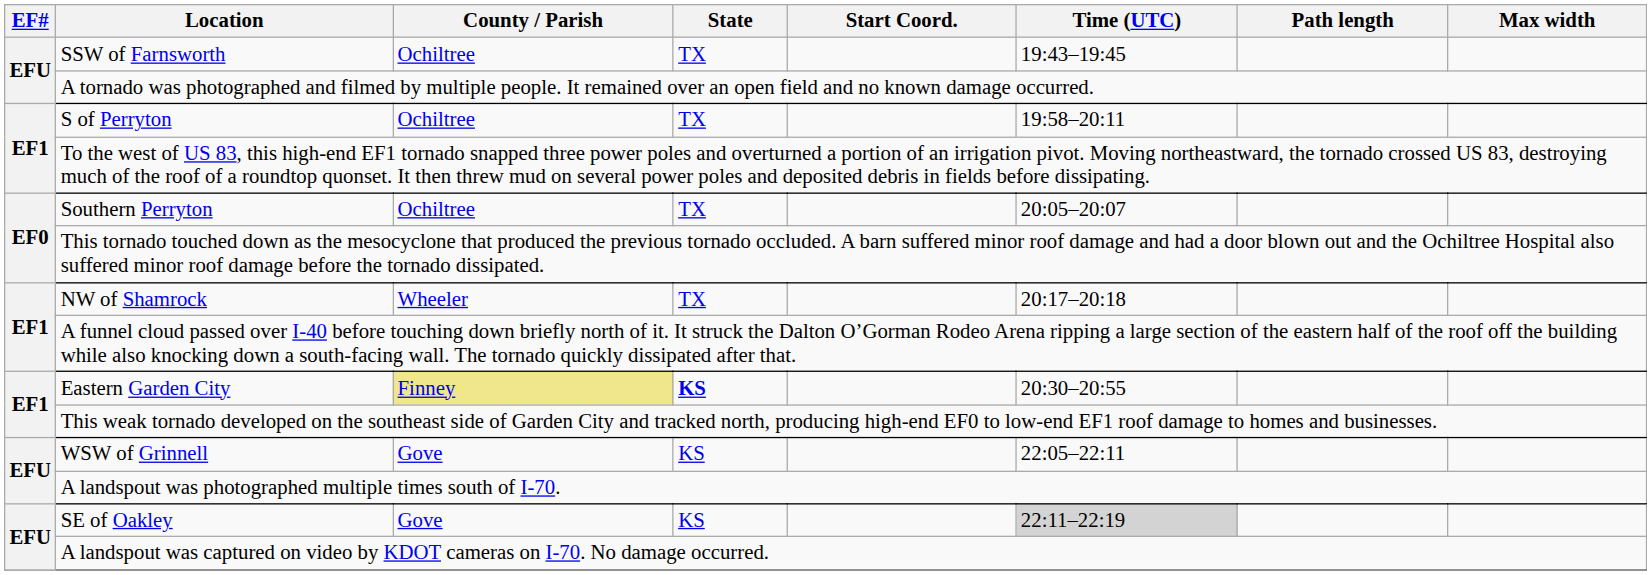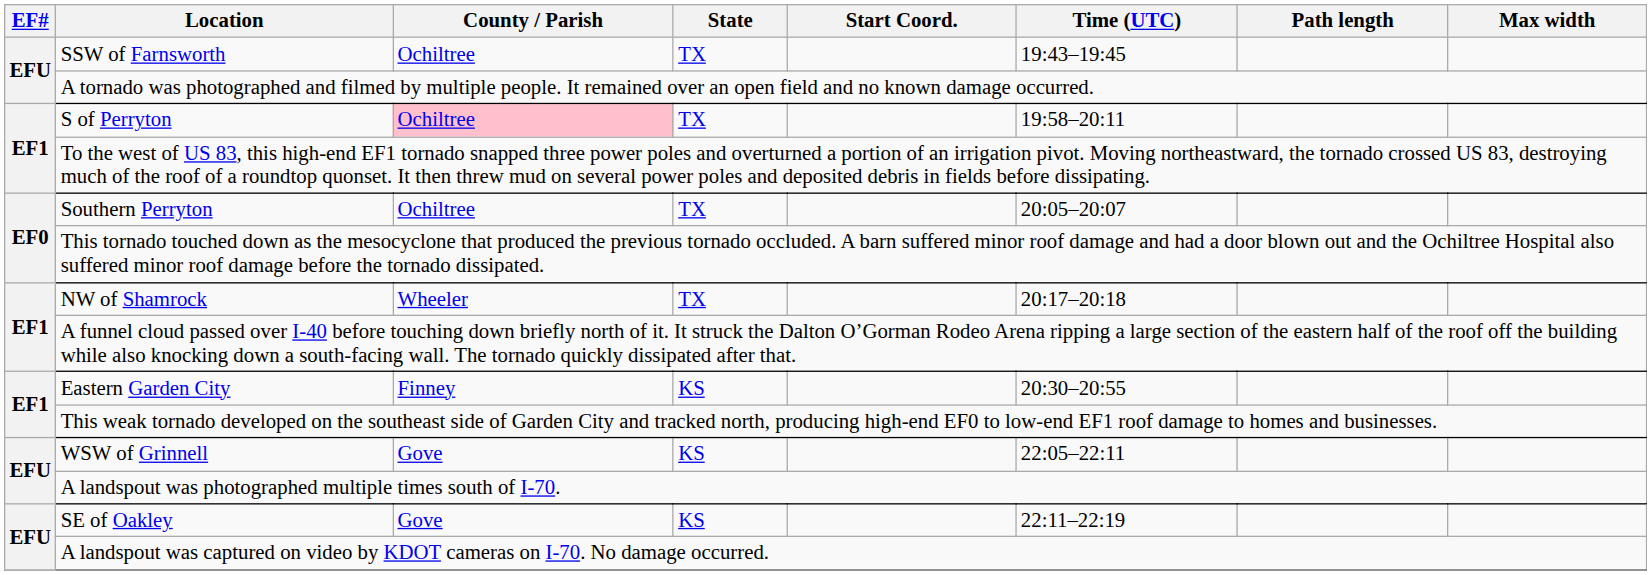 <table class="wikitable sortable" style="width:100%;">
 <tr>
 <th scope="col" width="2%" align="center"><a href='#'>EF#</a></th>
 <th scope="col" align="center" class="unsortable">Location</th>
 <th scope="col" align="center" class="unsortable">County / Parish</th>
 <th scope="col" align="center">State</th>
 <th scope="col" align="center">Start Coord.</th>
 <th scope="col" align="center">Time (<a href='#'>UTC</a>)</th>
 <th scope="col" align="center">Path length</th>
 <th scope="col" align="center">Max width</th>
 </tr>
 <tr>
 <th scope="row" rowspan="2" style="background-color:#">EFU</th>
 <td>SSW of <a href='#'>Farnsworth</a></td>
 <td><a href='#'>Ochiltree</a></td>
 <td><a href='#'>TX</a></td>
 <td></td>
 <td>19:43–19:45</td>
 <td></td>
 <td></td>
 </tr>
 <tr class="expand-child">
 <td colspan="8" style=" border-bottom: 1px solid black;">A tornado was photographed and filmed by multiple people. It remained over an open field and no known damage occurred.</td>
 </tr>
 <tr>
 <th scope="row" rowspan="2" style="background-color:#">EF1</th>
 <td>S of <a href='#'>Perryton</a></td>
-<td><a href='#'>Ochiltree</a></td>
+<td style="background: pink;"><a href='#'>Ochiltree</a></td>
 <td><a href='#'>TX</a></td>
 <td></td>
 <td>19:58–20:11</td>
 <td></td>
 <td></td>
 </tr>
 <tr class="expand-child">
 <td colspan="8" style=" border-bottom: 1px solid black;">To the west of <a href='#'>US 83</a>, this high-end EF1 tornado snapped three power poles and overturned a portion of an irrigation pivot. Moving northeastward, the tornado crossed US 83, destroying much of the roof of a roundtop quonset. It then threw mud on several power poles and deposited debris in fields before dissipating.</td>
 </tr>
 <tr>
 <th scope="row" rowspan="2" style="background-color:#">EF0</th>
 <td>Southern <a href='#'>Perryton</a></td>
 <td><a href='#'>Ochiltree</a></td>
 <td><a href='#'>TX</a></td>
 <td></td>
 <td>20:05–20:07</td>
 <td></td>
 <td></td>
 </tr>
 <tr class="expand-child">
 <td colspan="8" style=" border-bottom: 1px solid black;">This tornado touched down as the mesocyclone that produced the previous tornado occluded. A barn suffered minor roof damage and had a door blown out and the Ochiltree Hospital also suffered minor roof damage before the tornado dissipated.</td>
 </tr>
 <tr>
 <th scope="row" rowspan="2" style="background-color:#">EF1</th>
 <td>NW of <a href='#'>Shamrock</a></td>
 <td><a href='#'>Wheeler</a></td>
 <td><a href='#'>TX</a></td>
 <td></td>
 <td>20:17–20:18</td>
 <td></td>
 <td></td>
 </tr>
 <tr class="expand-child">
 <td colspan="8" style=" border-bottom: 1px solid black;">A funnel cloud passed over <a href='#'>I-40</a> before touching down briefly north of it. It struck the Dalton O’Gorman Rodeo Arena ripping a large section of the eastern half of the roof off the building while also knocking down a south-facing wall. The tornado quickly dissipated after that.</td>
 </tr>
 <tr>
 <th scope="row" rowspan="2" style="background-color:#">EF1</th>
 <td>Eastern <a href='#'>Garden City</a></td>
-<td style="background: khaki;"><a href='#'>Finney</a></td>
-<td><strong><a href='#'>KS</a></strong></td>
+<td><a href='#'>Finney</a></td>
+<td><a href='#'>KS</a></td>
 <td></td>
 <td>20:30–20:55</td>
 <td></td>
 <td></td>
 </tr>
 <tr class="expand-child">
 <td colspan="8" style=" border-bottom: 1px solid black;">This weak tornado developed on the southeast side of Garden City and tracked north, producing high-end EF0 to low-end EF1 roof damage to homes and businesses.</td>
 </tr>
 <tr>
 <th scope="row" rowspan="2" style="background-color:#">EFU</th>
 <td>WSW of <a href='#'>Grinnell</a></td>
 <td><a href='#'>Gove</a></td>
 <td><a href='#'>KS</a></td>
 <td></td>
 <td>22:05–22:11</td>
 <td></td>
 <td></td>
 </tr>
 <tr class="expand-child">
 <td colspan="8" style=" border-bottom: 1px solid black;">A landspout was photographed multiple times south of <a href='#'>I-70</a>.</td>
 </tr>
 <tr>
 <th scope="row" rowspan="2" style="background-color:#">EFU</th>
 <td>SE of <a href='#'>Oakley</a></td>
 <td><a href='#'>Gove</a></td>
 <td><a href='#'>KS</a></td>
 <td></td>
-<td style="background: lightgrey;">22:11–22:19</td>
+<td>22:11–22:19</td>
 <td></td>
 <td></td>
 </tr>
 <tr class="expand-child">
 <td colspan="8" style=" border-bottom: 1px solid black;">A landspout was captured on video by <a href='#'>KDOT</a> cameras on <a href='#'>I-70</a>. No damage occurred.</td>
 </tr>
 <tr>
 </tr>
 </table>
